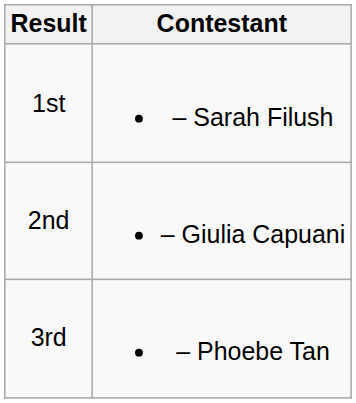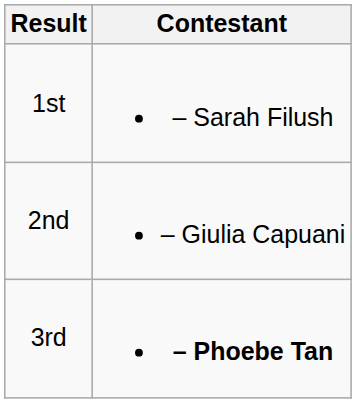 <table class="wikitable" style="text-align:center;">
 <tr>
 <th>Result</th>
 <th>Contestant</th>
 </tr>
 <tr>
 <td>1st</td>
 <td><br><ul><li> – Sarah Filush</li></ul></td>
 </tr>
 <tr>
 <td>2nd</td>
 <td><br><ul><li> – Giulia Capuani</li></ul></td>
 </tr>
 <tr>
 <td>3rd</td>
-<td><br><ul><li> – Phoebe Tan</li></ul></td>
+<td><strong><br><ul><li> – Phoebe Tan</li></ul></strong></td>
 </tr>
 </table>
